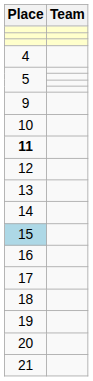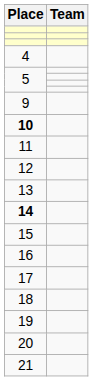 <table class="wikitable">
 <tr>
 <th>Place</th>
 <th>Team</th>
 </tr>
 <tr bgcolor=#ffffcc>
 <td align=center></td>
 <td></td>
 </tr>
 <tr bgcolor=#ffffcc>
 <td align=center></td>
 <td></td>
 </tr>
 <tr bgcolor=#ffffcc>
 <td align=center></td>
 <td></td>
 </tr>
 <tr>
 <td align=center>4</td>
 <td></td>
 </tr>
 <tr>
 <td align=center rowspan="4">5</td>
 <td></td>
 </tr>
 <tr>
 <td></td>
 </tr>
 <tr>
 <td></td>
 </tr>
 <tr>
 <td></td>
 </tr>
 <tr>
 <td align=center>9</td>
 <td></td>
 </tr>
 <tr>
-<td align=center>10</td>
+<td align=center><strong>10</strong></td>
 <td></td>
 </tr>
 <tr>
-<td align=center><strong>11</strong></td>
+<td align=center>11</td>
 <td></td>
 </tr>
 <tr>
 <td align=center>12</td>
 <td></td>
 </tr>
 <tr>
 <td align=center>13</td>
 <td></td>
 </tr>
 <tr>
-<td align=center>14</td>
+<td align=center><strong>14</strong></td>
 <td></td>
 </tr>
 <tr>
-<td align=center style="background: lightblue;">15</td>
+<td align=center>15</td>
 <td></td>
 </tr>
 <tr>
 <td align=center>16</td>
 <td></td>
 </tr>
 <tr>
 <td align=center>17</td>
 <td></td>
 </tr>
 <tr>
 <td align=center>18</td>
 <td></td>
 </tr>
 <tr>
 <td align=center>19</td>
 <td></td>
 </tr>
 <tr>
 <td align=center>20</td>
 <td></td>
 </tr>
 <tr>
 <td align=center>21</td>
 <td></td>
 </tr>
 </table>
